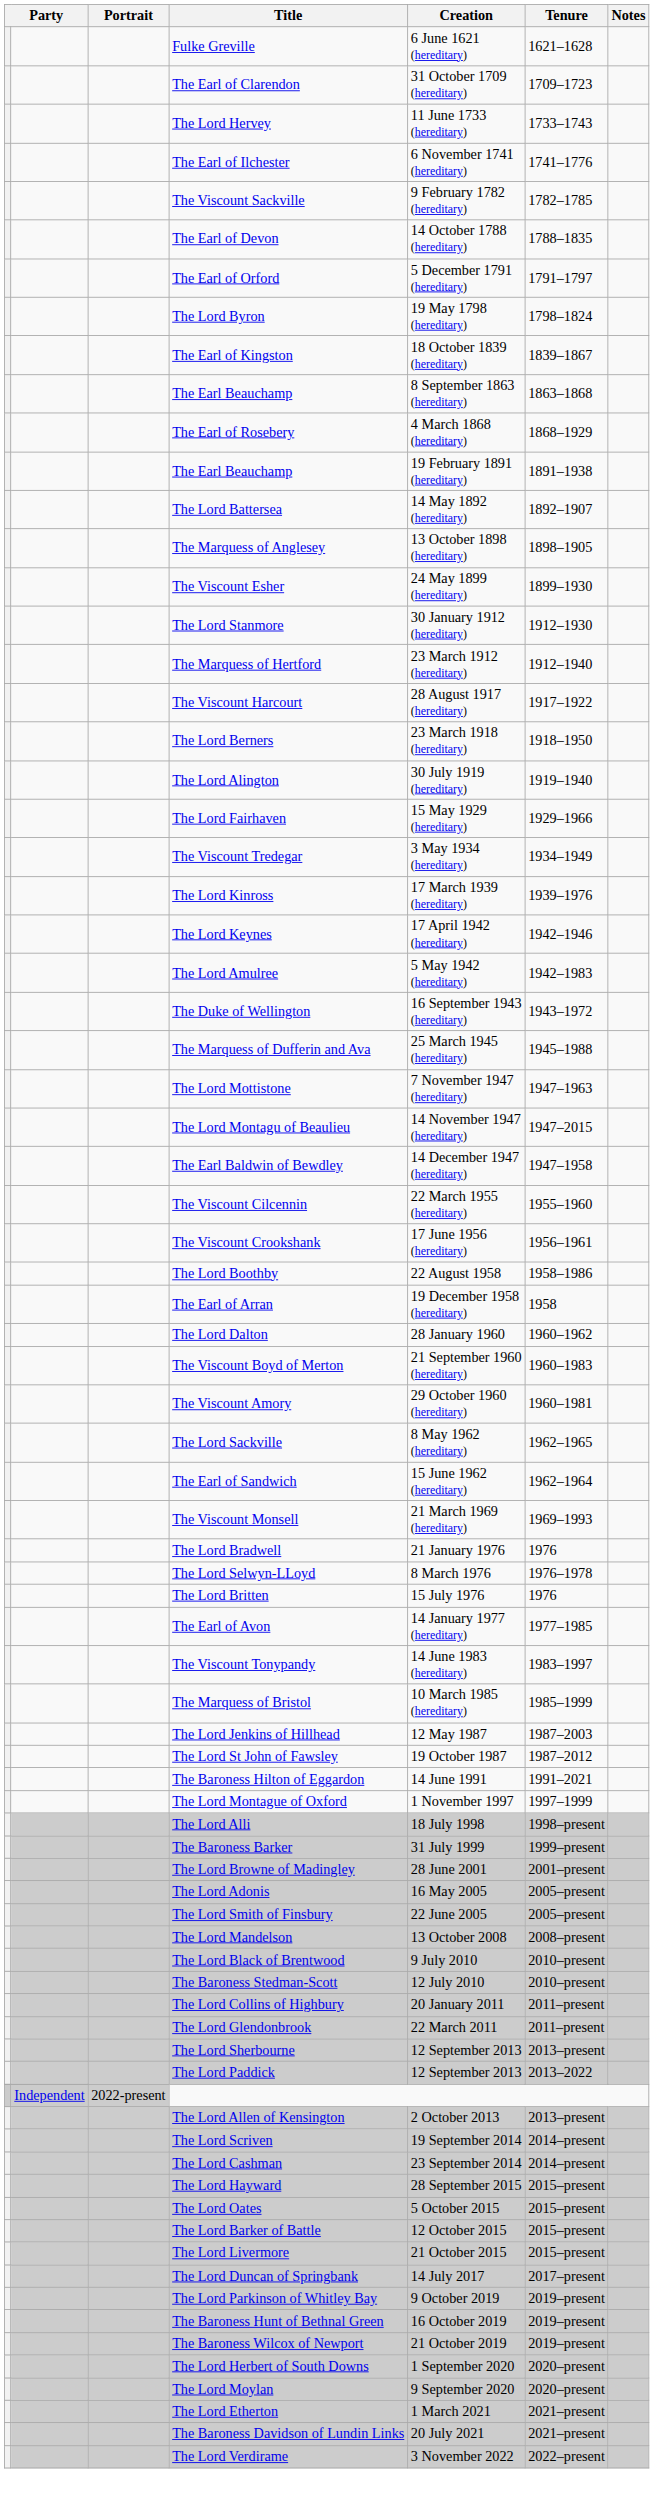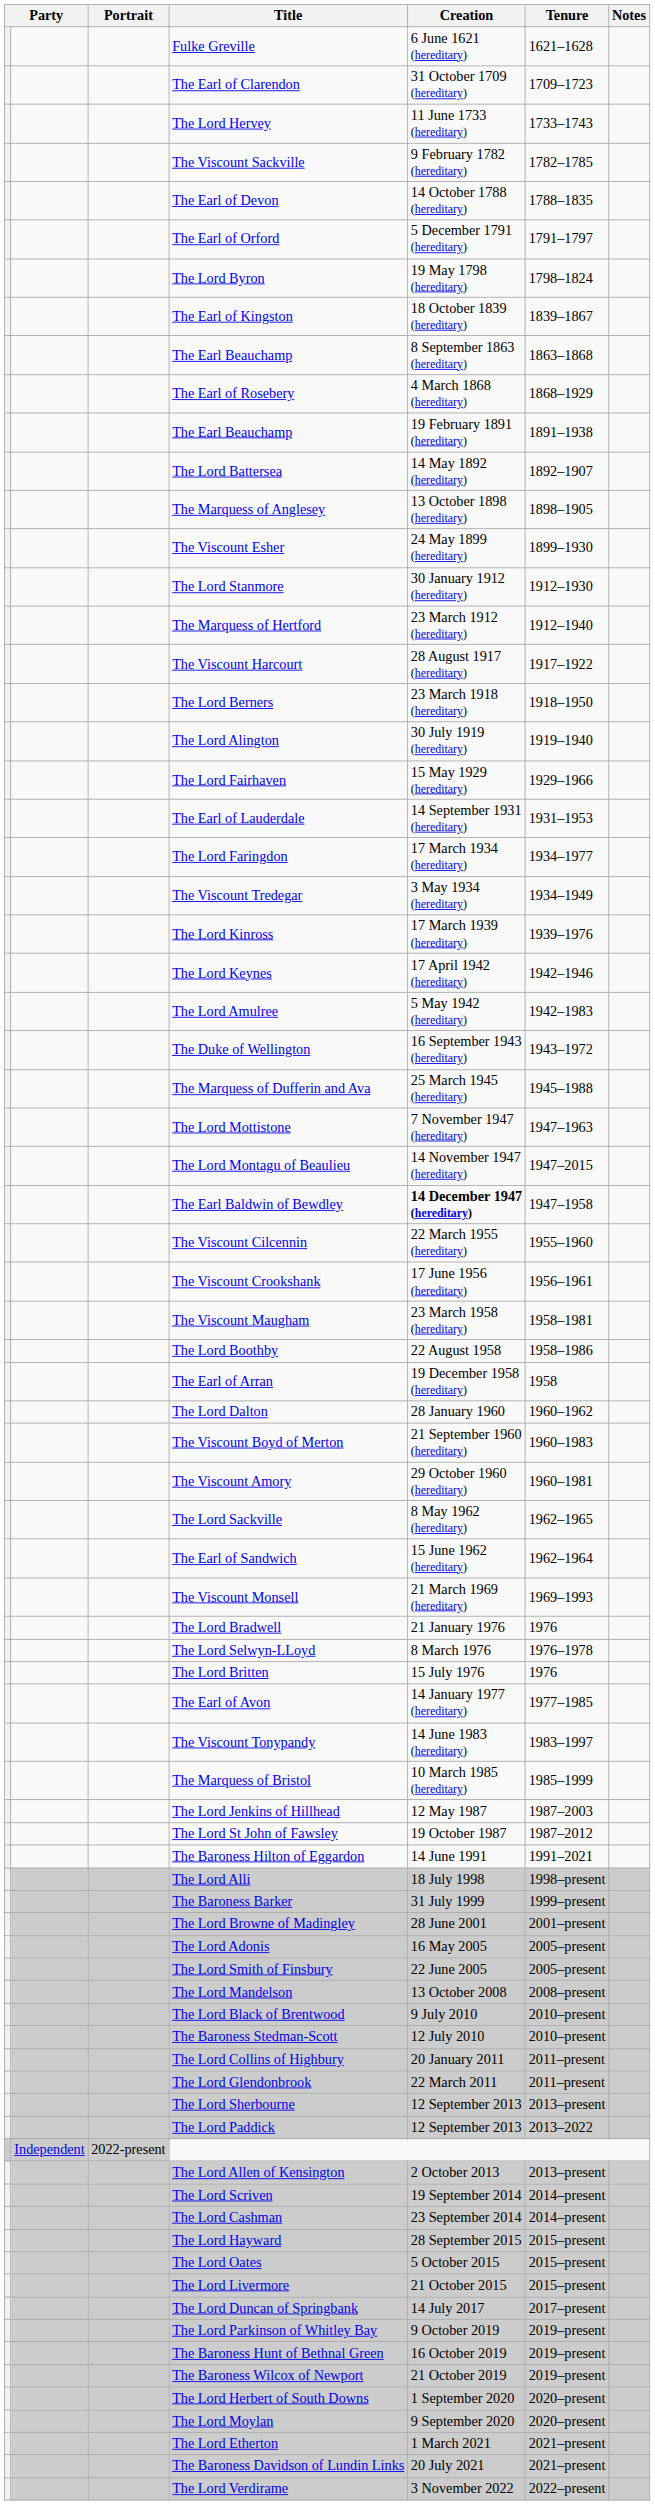 <table class="wikitable sortable">
 <tr>
 <th colspan=2>Party</th>
 <th class="unsortable">Portrait</th>
 <th class="unsortable">Title</th>
 <th>Creation</th>
 <th>Tenure</th>
 <th class="unsortable">Notes</th>
 </tr>
 <tr>
 <th style="background-color: "></th>
 <td></td>
 <td></td>
 <td><a href='#'>Fulke Greville</a></td>
 <td>6 June 1621<br><small>(<a href='#'>hereditary</a>)</small></td>
 <td>1621–1628</td>
 <td></td>
 </tr>
 <tr>
 <th style="background-color: "></th>
 <td></td>
 <td></td>
 <td><a href='#'>The Earl of Clarendon</a></td>
 <td>31 October 1709<br><small>(<a href='#'>hereditary</a>)</small></td>
 <td>1709–1723</td>
 <td></td>
 </tr>
 <tr>
 <th style="background-color: "></th>
 <td></td>
 <td></td>
 <td><a href='#'>The Lord Hervey</a></td>
 <td>11 June 1733<br><small>(<a href='#'>hereditary</a>)</small></td>
 <td>1733–1743</td>
-<td></td>
-</tr>
-<tr>
-<th style="background-color: "></th>
-<td></td>
-<td></td>
-<td><a href='#'>The Earl of Ilchester</a></td>
-<td>6 November 1741<br><small>(<a href='#'>hereditary</a>)</small></td>
-<td>1741–1776</td>
 <td></td>
 </tr>
 <tr>
 <th style="background-color: "></th>
 <td></td>
 <td></td>
 <td><a href='#'>The Viscount Sackville</a></td>
 <td>9 February 1782<br><small>(<a href='#'>hereditary</a>)</small></td>
 <td>1782–1785</td>
 <td></td>
 </tr>
 <tr>
 <th style="background-color: "></th>
 <td></td>
 <td></td>
 <td><a href='#'>The Earl of Devon</a></td>
 <td>14 October 1788<br><small>(<a href='#'>hereditary</a>)</small></td>
 <td>1788–1835</td>
 <td></td>
 </tr>
 <tr>
 <th style="background-color: "></th>
 <td></td>
 <td></td>
 <td><a href='#'>The Earl of Orford</a></td>
 <td>5 December 1791<br><small>(<a href='#'>hereditary</a>)</small></td>
 <td>1791–1797</td>
 <td></td>
 </tr>
 <tr>
 <th style="background-color: "></th>
 <td></td>
 <td></td>
 <td><a href='#'>The Lord Byron</a></td>
 <td>19 May 1798<br><small>(<a href='#'>hereditary</a>)</small></td>
 <td>1798–1824</td>
 <td></td>
 </tr>
 <tr>
 <th style="background-color: "></th>
 <td></td>
 <td></td>
 <td><a href='#'>The Earl of Kingston</a></td>
 <td>18 October 1839<br><small>(<a href='#'>hereditary</a>)</small></td>
 <td>1839–1867</td>
 <td></td>
 </tr>
 <tr>
 <th style="background-color: "></th>
 <td></td>
 <td></td>
 <td><a href='#'>The Earl Beauchamp</a></td>
 <td>8 September 1863<br><small>(<a href='#'>hereditary</a>)</small></td>
 <td>1863–1868</td>
 <td></td>
 </tr>
 <tr>
 <th style="background-color: "></th>
 <td></td>
 <td></td>
 <td><a href='#'>The Earl of Rosebery</a></td>
 <td>4 March 1868<br><small>(<a href='#'>hereditary</a>)</small></td>
 <td>1868–1929</td>
 <td></td>
 </tr>
 <tr>
 <th style="background-color: "></th>
 <td></td>
 <td></td>
 <td><a href='#'>The Earl Beauchamp</a></td>
 <td>19 February 1891<br><small>(<a href='#'>hereditary</a>)</small></td>
 <td>1891–1938</td>
 <td></td>
 </tr>
 <tr>
 <th style="background-color: "></th>
 <td></td>
 <td></td>
 <td><a href='#'>The Lord Battersea</a></td>
 <td>14 May 1892<br><small>(<a href='#'>hereditary</a>)</small></td>
 <td>1892–1907</td>
 <td></td>
 </tr>
 <tr>
 <th style="background-color: "></th>
 <td></td>
 <td></td>
 <td><a href='#'>The Marquess of Anglesey</a></td>
 <td>13 October 1898<br><small>(<a href='#'>hereditary</a>)</small></td>
 <td>1898–1905</td>
 <td></td>
 </tr>
 <tr>
 <th style="background-color: "></th>
 <td></td>
 <td></td>
 <td><a href='#'>The Viscount Esher</a></td>
 <td>24 May 1899<br><small>(<a href='#'>hereditary</a>)</small></td>
 <td>1899–1930</td>
 <td></td>
 </tr>
 <tr>
 <th style="background-color: "></th>
 <td></td>
 <td></td>
 <td><a href='#'>The Lord Stanmore</a></td>
 <td>30 January 1912<br><small>(<a href='#'>hereditary</a>)</small></td>
 <td>1912–1930</td>
 <td></td>
 </tr>
 <tr>
 <th style="background-color: "></th>
 <td></td>
 <td></td>
 <td><a href='#'>The Marquess of Hertford</a></td>
 <td>23 March 1912<br><small>(<a href='#'>hereditary</a>)</small></td>
 <td>1912–1940</td>
 <td></td>
 </tr>
 <tr>
 <th style="background-color: "></th>
 <td></td>
 <td></td>
 <td><a href='#'>The Viscount Harcourt</a></td>
 <td>28 August 1917<br><small>(<a href='#'>hereditary</a>)</small></td>
 <td>1917–1922</td>
 <td></td>
 </tr>
 <tr>
 <th style="background-color: "></th>
 <td></td>
 <td></td>
 <td><a href='#'>The Lord Berners</a></td>
 <td>23 March 1918<br><small>(<a href='#'>hereditary</a>)</small></td>
 <td>1918–1950</td>
 <td></td>
 </tr>
 <tr>
 <th style="background-color: "></th>
 <td></td>
 <td></td>
 <td><a href='#'>The Lord Alington</a></td>
 <td>30 July 1919<br><small>(<a href='#'>hereditary</a>)</small></td>
 <td>1919–1940</td>
 <td></td>
 </tr>
 <tr>
 <th style="background-color: "></th>
 <td></td>
 <td></td>
 <td><a href='#'>The Lord Fairhaven</a></td>
 <td>15 May 1929<br><small>(<a href='#'>hereditary</a>)</small></td>
 <td>1929–1966</td>
 <td></td>
 </tr>
 <tr>
 <th style="background-color: "></th>
 <td></td>
 <td></td>
+<td><a href='#'>The Earl of Lauderdale</a></td>
+<td>14 September 1931<br><small>(<a href='#'>hereditary</a>)</small></td>
+<td>1931–1953</td>
+<td></td>
+</tr>
+<tr>
+<th style="background-color: "></th>
+<td></td>
+<td></td>
+<td><a href='#'>The Lord Faringdon</a></td>
+<td>17 March 1934<br><small>(<a href='#'>hereditary</a>)</small></td>
+<td>1934–1977</td>
+<td></td>
+</tr>
+<tr>
+<th style="background-color: "></th>
+<td></td>
+<td></td>
 <td><a href='#'>The Viscount Tredegar</a></td>
 <td>3 May 1934<br><small>(<a href='#'>hereditary</a>)</small></td>
 <td>1934–1949</td>
 <td></td>
 </tr>
 <tr>
 <th style="background-color: "></th>
 <td></td>
 <td></td>
 <td><a href='#'>The Lord Kinross</a></td>
 <td>17 March 1939<br><small>(<a href='#'>hereditary</a>)</small></td>
 <td>1939–1976</td>
 <td></td>
 </tr>
 <tr>
 <th style="background-color: "></th>
 <td></td>
 <td></td>
 <td><a href='#'>The Lord Keynes</a></td>
 <td>17 April 1942<br><small>(<a href='#'>hereditary</a>)</small></td>
 <td>1942–1946</td>
 <td></td>
 </tr>
 <tr>
 <th style="background-color: "></th>
 <td></td>
 <td></td>
 <td><a href='#'>The Lord Amulree</a></td>
 <td>5 May 1942<br><small>(<a href='#'>hereditary</a>)</small></td>
 <td>1942–1983</td>
 <td></td>
 </tr>
 <tr>
 <th style="background-color: "></th>
 <td></td>
 <td></td>
 <td><a href='#'>The Duke of Wellington</a></td>
 <td>16 September 1943<br><small>(<a href='#'>hereditary</a>)</small></td>
 <td>1943–1972</td>
 <td></td>
 </tr>
 <tr>
 <th style="background-color: "></th>
 <td></td>
 <td></td>
 <td><a href='#'>The Marquess of Dufferin and Ava</a></td>
 <td>25 March 1945<br><small>(<a href='#'>hereditary</a>)</small></td>
 <td>1945–1988</td>
 <td></td>
 </tr>
 <tr>
 <th style="background-color: "></th>
 <td></td>
 <td></td>
 <td><a href='#'>The Lord Mottistone</a></td>
 <td>7 November 1947<br><small>(<a href='#'>hereditary</a>)</small></td>
 <td>1947–1963</td>
 <td></td>
 </tr>
 <tr>
 <th style="background-color: "></th>
 <td></td>
 <td></td>
 <td><a href='#'>The Lord Montagu of Beaulieu</a></td>
 <td>14 November 1947<br><small>(<a href='#'>hereditary</a>)</small></td>
 <td>1947–2015</td>
 <td></td>
 </tr>
 <tr>
 <th style="background-color: "></th>
 <td></td>
 <td></td>
 <td><a href='#'>The Earl Baldwin of Bewdley</a></td>
-<td>14 December 1947<br><small>(<a href='#'>hereditary</a>)</small></td>
+<td><strong>14 December 1947<br><small>(<a href='#'>hereditary</a>)</small></strong></td>
 <td>1947–1958</td>
 <td></td>
 </tr>
 <tr>
 <th style="background-color: "></th>
 <td></td>
 <td></td>
 <td><a href='#'>The Viscount Cilcennin</a></td>
 <td>22 March 1955<br><small>(<a href='#'>hereditary</a>)</small></td>
 <td>1955–1960</td>
 <td></td>
 </tr>
 <tr>
 <th style="background-color: "></th>
 <td></td>
 <td></td>
 <td><a href='#'>The Viscount Crookshank</a></td>
 <td>17 June 1956<br><small>(<a href='#'>hereditary</a>)</small></td>
 <td>1956–1961</td>
+<td></td>
+</tr>
+<tr>
+<th style="background-color: "></th>
+<td></td>
+<td></td>
+<td><a href='#'>The Viscount Maugham</a></td>
+<td>23 March 1958<br><small>(<a href='#'>hereditary</a>)</small></td>
+<td>1958–1981</td>
 <td></td>
 </tr>
 <tr>
 <th style="background-color: "></th>
 <td></td>
 <td></td>
 <td><a href='#'>The Lord Boothby</a></td>
 <td>22 August 1958</td>
 <td>1958–1986</td>
 <td></td>
 </tr>
 <tr>
 <th style="background-color: "></th>
 <td></td>
 <td></td>
 <td><a href='#'>The Earl of Arran</a></td>
 <td>19 December 1958<br><small>(<a href='#'>hereditary</a>)</small></td>
 <td>1958</td>
 <td></td>
 </tr>
 <tr>
 <th style="background-color: "></th>
 <td></td>
 <td></td>
 <td><a href='#'>The Lord Dalton</a></td>
 <td>28 January 1960</td>
 <td>1960–1962</td>
 <td></td>
 </tr>
 <tr>
 <th style="background-color: "></th>
 <td></td>
 <td></td>
 <td><a href='#'>The Viscount Boyd of Merton</a></td>
 <td>21 September 1960<br><small>(<a href='#'>hereditary</a>)</small></td>
 <td>1960–1983</td>
 <td></td>
 </tr>
 <tr>
 <th style="background-color: "></th>
 <td></td>
 <td></td>
 <td><a href='#'>The Viscount Amory</a></td>
 <td>29 October 1960<br><small>(<a href='#'>hereditary</a>)</small></td>
 <td>1960–1981</td>
 <td></td>
 </tr>
 <tr>
 <th style="background-color: "></th>
 <td></td>
 <td></td>
 <td><a href='#'>The Lord Sackville</a></td>
 <td>8 May 1962<br><small>(<a href='#'>hereditary</a>)</small></td>
 <td>1962–1965</td>
 <td></td>
 </tr>
 <tr>
 <th style="background-color: "></th>
 <td></td>
 <td></td>
 <td><a href='#'>The Earl of Sandwich</a></td>
 <td>15 June 1962<br><small>(<a href='#'>hereditary</a>)</small></td>
 <td>1962–1964</td>
 <td></td>
 </tr>
 <tr>
 <th style="background-color: "></th>
 <td></td>
 <td></td>
 <td><a href='#'>The Viscount Monsell</a></td>
 <td>21 March 1969<br><small>(<a href='#'>hereditary</a>)</small></td>
 <td>1969–1993</td>
 <td></td>
 </tr>
 <tr>
 <th style="background-color: "></th>
 <td></td>
 <td></td>
 <td><a href='#'>The Lord Bradwell</a></td>
 <td>21 January 1976</td>
 <td>1976</td>
 <td></td>
 </tr>
 <tr>
 <th style="background-color: "></th>
 <td></td>
 <td></td>
 <td><a href='#'>The Lord Selwyn-LLoyd</a></td>
 <td>8 March 1976</td>
 <td>1976–1978</td>
 <td></td>
 </tr>
 <tr>
 <th style="background-color: "></th>
 <td></td>
 <td></td>
 <td><a href='#'>The Lord Britten</a></td>
 <td>15 July 1976</td>
 <td>1976</td>
 <td></td>
 </tr>
 <tr>
 <th style="background-color: "></th>
 <td></td>
 <td></td>
 <td><a href='#'>The Earl of Avon</a></td>
 <td>14 January 1977<br><small>(<a href='#'>hereditary</a>)</small></td>
 <td>1977–1985</td>
 <td></td>
 </tr>
 <tr>
 <th style="background-color: "></th>
 <td></td>
 <td></td>
 <td><a href='#'>The Viscount Tonypandy</a></td>
 <td>14 June 1983<br><small>(<a href='#'>hereditary</a>)</small></td>
 <td>1983–1997</td>
 <td></td>
 </tr>
 <tr>
 <th style="background-color: "></th>
 <td></td>
 <td></td>
 <td><a href='#'>The Marquess of Bristol</a></td>
 <td>10 March 1985<br><small>(<a href='#'>hereditary</a>)</small></td>
 <td>1985–1999</td>
 <td></td>
 </tr>
 <tr>
 <th style="background-color: "></th>
 <td></td>
 <td></td>
 <td><a href='#'>The Lord Jenkins of Hillhead</a></td>
 <td>12 May 1987</td>
 <td>1987–2003</td>
 <td></td>
 </tr>
 <tr>
 <th style="background-color: "></th>
 <td></td>
 <td></td>
 <td><a href='#'>The Lord St John of Fawsley</a></td>
 <td>19 October 1987</td>
 <td>1987–2012</td>
 <td></td>
 </tr>
 <tr>
 <th style="background-color: "></th>
 <td></td>
 <td></td>
 <td><a href='#'>The Baroness Hilton of Eggardon</a></td>
 <td>14 June 1991</td>
 <td>1991–2021</td>
-<td></td>
-</tr>
-<tr>
-<th style="background-color: "></th>
-<td></td>
-<td></td>
-<td><a href='#'>The Lord Montague of Oxford</a></td>
-<td>1 November 1997</td>
-<td>1997–1999</td>
 <td></td>
 </tr>
 <tr style="background:#ccc;">
 <th style="background-color: "></th>
 <td></td>
 <td></td>
 <td><a href='#'>The Lord Alli</a></td>
 <td>18 July 1998</td>
 <td>1998–present</td>
 <td></td>
 </tr>
 <tr style="background:#ccc;">
 <th style="background-color: "></th>
 <td></td>
 <td></td>
 <td><a href='#'>The Baroness Barker</a></td>
 <td>31 July 1999</td>
 <td>1999–present</td>
 <td></td>
 </tr>
 <tr style="background:#ccc;">
 <th style="background-color: "></th>
 <td></td>
 <td></td>
 <td><a href='#'>The Lord Browne of Madingley</a></td>
 <td>28 June 2001</td>
 <td>2001–present</td>
 <td></td>
 </tr>
 <tr style="background:#ccc;">
 <th style="background-color: "></th>
 <td></td>
 <td></td>
 <td><a href='#'>The Lord Adonis</a></td>
 <td>16 May 2005</td>
 <td>2005–present</td>
 <td></td>
 </tr>
 <tr style="background:#ccc;">
 <th style="background-color: "></th>
 <td></td>
 <td></td>
 <td><a href='#'>The Lord Smith of Finsbury</a></td>
 <td>22 June 2005</td>
 <td>2005–present</td>
 <td></td>
 </tr>
 <tr style="background:#ccc;">
 <th style="background-color: "></th>
 <td></td>
 <td></td>
 <td><a href='#'>The Lord Mandelson</a></td>
 <td>13 October 2008</td>
 <td>2008–present</td>
 <td></td>
 </tr>
 <tr style="background:#ccc;">
 <th style="background-color: "></th>
 <td></td>
 <td></td>
 <td><a href='#'>The Lord Black of Brentwood</a></td>
 <td>9 July 2010</td>
 <td>2010–present</td>
 <td></td>
 </tr>
 <tr style="background:#ccc;">
 <th style="background-color: "></th>
 <td></td>
 <td></td>
 <td><a href='#'>The Baroness Stedman-Scott</a></td>
 <td>12 July 2010</td>
 <td>2010–present</td>
 <td></td>
 </tr>
 <tr style="background:#ccc;">
 <th style="background-color: "></th>
 <td></td>
 <td></td>
 <td><a href='#'>The Lord Collins of Highbury</a></td>
 <td>20 January 2011</td>
 <td>2011–present</td>
 <td></td>
 </tr>
 <tr style="background:#ccc;">
 <th style="background-color: "></th>
 <td></td>
 <td></td>
 <td><a href='#'>The Lord Glendonbrook</a></td>
 <td>22 March 2011</td>
 <td>2011–present</td>
 <td></td>
 </tr>
 <tr style="background:#ccc;">
 <th style="background-color: "></th>
 <td></td>
 <td></td>
 <td><a href='#'>The Lord Sherbourne</a></td>
 <td>12 September 2013</td>
 <td>2013–present</td>
 <td></td>
 </tr>
 <tr style="background:#ccc;">
 <th style="background-color: "></th>
 <td></td>
 <td rowspan=2></td>
 <td rowspan=2><a href='#'>The Lord Paddick</a></td>
 <td rowspan=2>12 September 2013</td>
 <td>2013–2022</td>
 <td rowspan=2></td>
 </tr>
 <tr>
 </tr>
 <tr style="background:#ccc;">
 <td !style="background-color: "></td>
 <td><a href='#'>Independent</a></td>
 <td>2022-present</td>
 </tr>
 <tr style="background:#ccc;">
 <th style="background-color: "></th>
 <td></td>
 <td></td>
 <td><a href='#'>The Lord Allen of Kensington</a></td>
 <td>2 October 2013</td>
 <td>2013–present</td>
 <td></td>
 </tr>
 <tr style="background:#ccc;">
 <th style="background-color: "></th>
 <td></td>
 <td></td>
 <td><a href='#'>The Lord Scriven</a></td>
 <td>19 September 2014</td>
 <td>2014–present</td>
 <td></td>
 </tr>
 <tr style="background:#ccc;">
 <th style="background-color: "></th>
 <td></td>
 <td></td>
 <td><a href='#'>The Lord Cashman</a></td>
 <td>23 September 2014</td>
 <td>2014–present</td>
 <td></td>
 </tr>
 <tr style="background:#ccc;">
 <th style="background-color: "></th>
 <td></td>
 <td></td>
 <td><a href='#'>The Lord Hayward</a></td>
 <td>28 September 2015</td>
 <td>2015–present</td>
 <td></td>
 </tr>
 <tr style="background:#ccc;">
 <th style="background-color: "></th>
 <td></td>
 <td></td>
 <td><a href='#'>The Lord Oates</a></td>
 <td>5 October 2015</td>
 <td>2015–present</td>
 <td></td>
 </tr>
 <tr style="background:#ccc;">
 <th style="background-color: "></th>
 <td></td>
 <td></td>
-<td><a href='#'>The Lord Barker of Battle</a></td>
-<td>12 October 2015</td>
-<td>2015–present</td>
-<td></td>
-</tr>
-<tr style="background:#ccc;">
-<th style="background-color: "></th>
-<td></td>
-<td></td>
 <td><a href='#'>The Lord Livermore</a></td>
 <td>21 October 2015</td>
 <td>2015–present</td>
 <td></td>
 </tr>
 <tr style="background:#ccc;">
 <th style="background-color: "></th>
 <td></td>
 <td></td>
 <td><a href='#'>The Lord Duncan of Springbank</a></td>
 <td>14 July 2017</td>
 <td>2017–present</td>
 <td></td>
 </tr>
 <tr style="background:#ccc;">
 <th style="background-color: "></th>
 <td></td>
 <td></td>
 <td><a href='#'>The Lord Parkinson of Whitley Bay</a></td>
 <td>9 October 2019</td>
 <td>2019–present</td>
 <td></td>
 </tr>
 <tr style="background:#ccc;">
 <th style="background-color: "></th>
 <td></td>
 <td></td>
 <td><a href='#'>The Baroness Hunt of Bethnal Green</a></td>
 <td>16 October 2019</td>
 <td>2019–present</td>
 <td></td>
 </tr>
 <tr style="background:#ccc;">
 <th style="background-color: "></th>
 <td></td>
 <td></td>
 <td><a href='#'>The Baroness Wilcox of Newport</a></td>
 <td>21 October 2019</td>
 <td>2019–present</td>
 <td></td>
 </tr>
 <tr style="background:#ccc;">
 <th style="background-color: "></th>
 <td></td>
 <td></td>
 <td><a href='#'>The Lord Herbert of South Downs</a></td>
 <td>1 September 2020</td>
 <td>2020–present</td>
 <td></td>
 </tr>
 <tr style="background:#ccc;">
 <th style="background-color: "></th>
 <td></td>
 <td></td>
 <td><a href='#'>The Lord Moylan</a></td>
 <td>9 September 2020</td>
 <td>2020–present</td>
 <td></td>
 </tr>
 <tr style="background:#ccc;">
 <th style="background-color: "></th>
 <td></td>
 <td></td>
 <td><a href='#'>The Lord Etherton</a></td>
 <td>1 March 2021</td>
 <td>2021–present</td>
 <td></td>
 </tr>
 <tr style="background:#ccc;">
 <th style="background-color: "></th>
 <td></td>
 <td></td>
 <td><a href='#'>The Baroness Davidson of Lundin Links</a></td>
 <td>20 July 2021</td>
 <td>2021–present</td>
 <td></td>
 </tr>
 <tr style="background:#ccc;">
 <th></th>
 <td></td>
 <td></td>
 <td><a href='#'>The Lord Verdirame</a></td>
 <td>3 November 2022</td>
 <td>2022–present</td>
 <td></td>
 </tr>
 </table>
